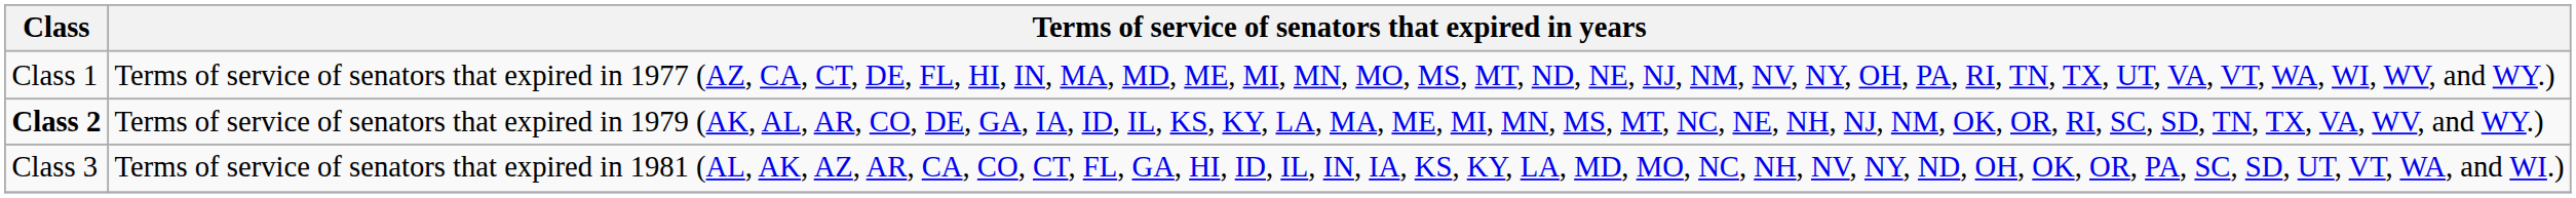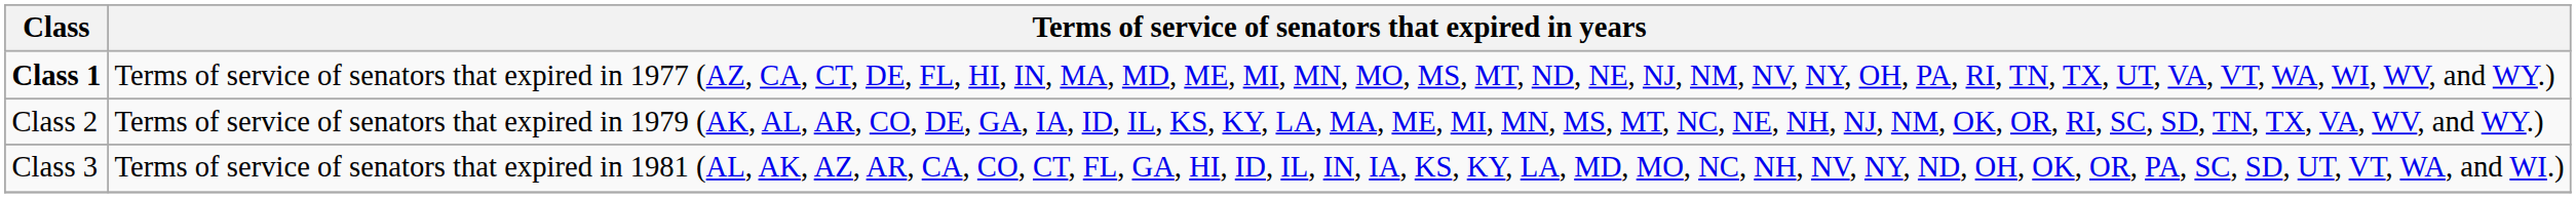 <table class="wikitable sortable">
 <tr valign=bottom>
 <th>Class</th>
 <th>Terms of service of senators that expired in years</th>
 </tr>
 <tr>
-<td>Class 1</td>
+<td><strong>Class 1</strong></td>
 <td>Terms of service of senators that expired in 1977 (<a href='#'>AZ</a>, <a href='#'>CA</a>, <a href='#'>CT</a>, <a href='#'>DE</a>, <a href='#'>FL</a>, <a href='#'>HI</a>, <a href='#'>IN</a>, <a href='#'>MA</a>, <a href='#'>MD</a>, <a href='#'>ME</a>,  <a href='#'>MI</a>, <a href='#'>MN</a>, <a href='#'>MO</a>, <a href='#'>MS</a>, <a href='#'>MT</a>, <a href='#'>ND</a>, <a href='#'>NE</a>, <a href='#'>NJ</a>, <a href='#'>NM</a>, <a href='#'>NV</a>, <a href='#'>NY</a>, <a href='#'>OH</a>, <a href='#'>PA</a>, <a href='#'>RI</a>, <a href='#'>TN</a>, <a href='#'>TX</a>, <a href='#'>UT</a>, <a href='#'>VA</a>, <a href='#'>VT</a>, <a href='#'>WA</a>, <a href='#'>WI</a>, <a href='#'>WV</a>, and <a href='#'>WY</a>.)</td>
 </tr>
 <tr>
-<td><strong>Class 2</strong></td>
+<td>Class 2</td>
 <td>Terms of service of senators that expired in 1979 (<a href='#'>AK</a>, <a href='#'>AL</a>, <a href='#'>AR</a>, <a href='#'>CO</a>, <a href='#'>DE</a>, <a href='#'>GA</a>, <a href='#'>IA</a>, <a href='#'>ID</a>, <a href='#'>IL</a>, <a href='#'>KS</a>, <a href='#'>KY</a>, <a href='#'>LA</a>, <a href='#'>MA</a>, <a href='#'>ME</a>, <a href='#'>MI</a>, <a href='#'>MN</a>, <a href='#'>MS</a>, <a href='#'>MT</a>, <a href='#'>NC</a>, <a href='#'>NE</a>, <a href='#'>NH</a>, <a href='#'>NJ</a>, <a href='#'>NM</a>, <a href='#'>OK</a>, <a href='#'>OR</a>, <a href='#'>RI</a>, <a href='#'>SC</a>, <a href='#'>SD</a>, <a href='#'>TN</a>, <a href='#'>TX</a>, <a href='#'>VA</a>, <a href='#'>WV</a>, and <a href='#'>WY</a>.)</td>
 </tr>
 <tr>
 <td>Class 3</td>
 <td>Terms of service of senators that expired in 1981 (<a href='#'>AL</a>, <a href='#'>AK</a>, <a href='#'>AZ</a>, <a href='#'>AR</a>, <a href='#'>CA</a>, <a href='#'>CO</a>, <a href='#'>CT</a>, <a href='#'>FL</a>, <a href='#'>GA</a>, <a href='#'>HI</a>, <a href='#'>ID</a>, <a href='#'>IL</a>, <a href='#'>IN</a>, <a href='#'>IA</a>, <a href='#'>KS</a>, <a href='#'>KY</a>, <a href='#'>LA</a>, <a href='#'>MD</a>, <a href='#'>MO</a>, <a href='#'>NC</a>, <a href='#'>NH</a>, <a href='#'>NV</a>, <a href='#'>NY</a>, <a href='#'>ND</a>, <a href='#'>OH</a>, <a href='#'>OK</a>, <a href='#'>OR</a>, <a href='#'>PA</a>, <a href='#'>SC</a>, <a href='#'>SD</a>, <a href='#'>UT</a>, <a href='#'>VT</a>, <a href='#'>WA</a>, and <a href='#'>WI</a>.)</td>
 </tr>
 <tr>
 </tr>
 </table>
